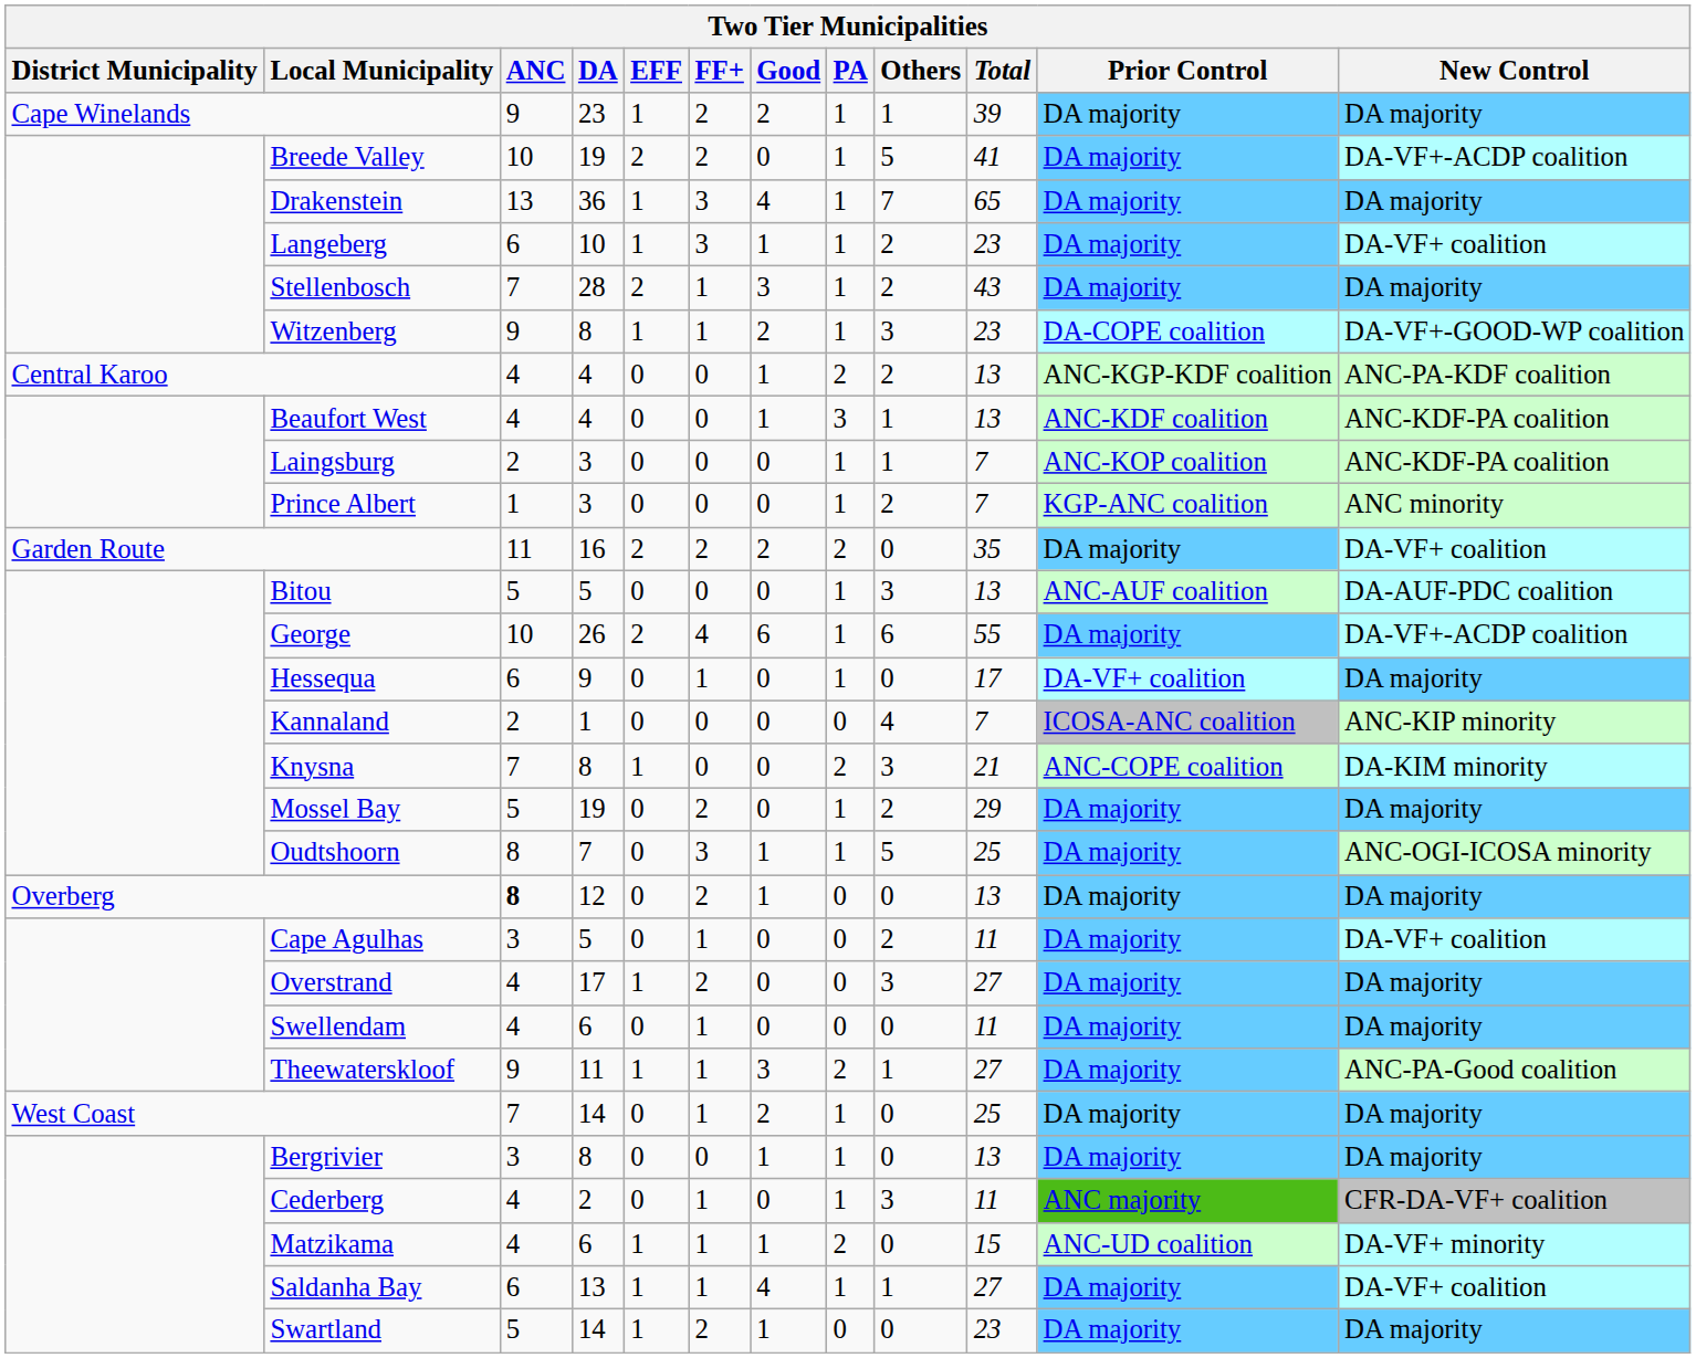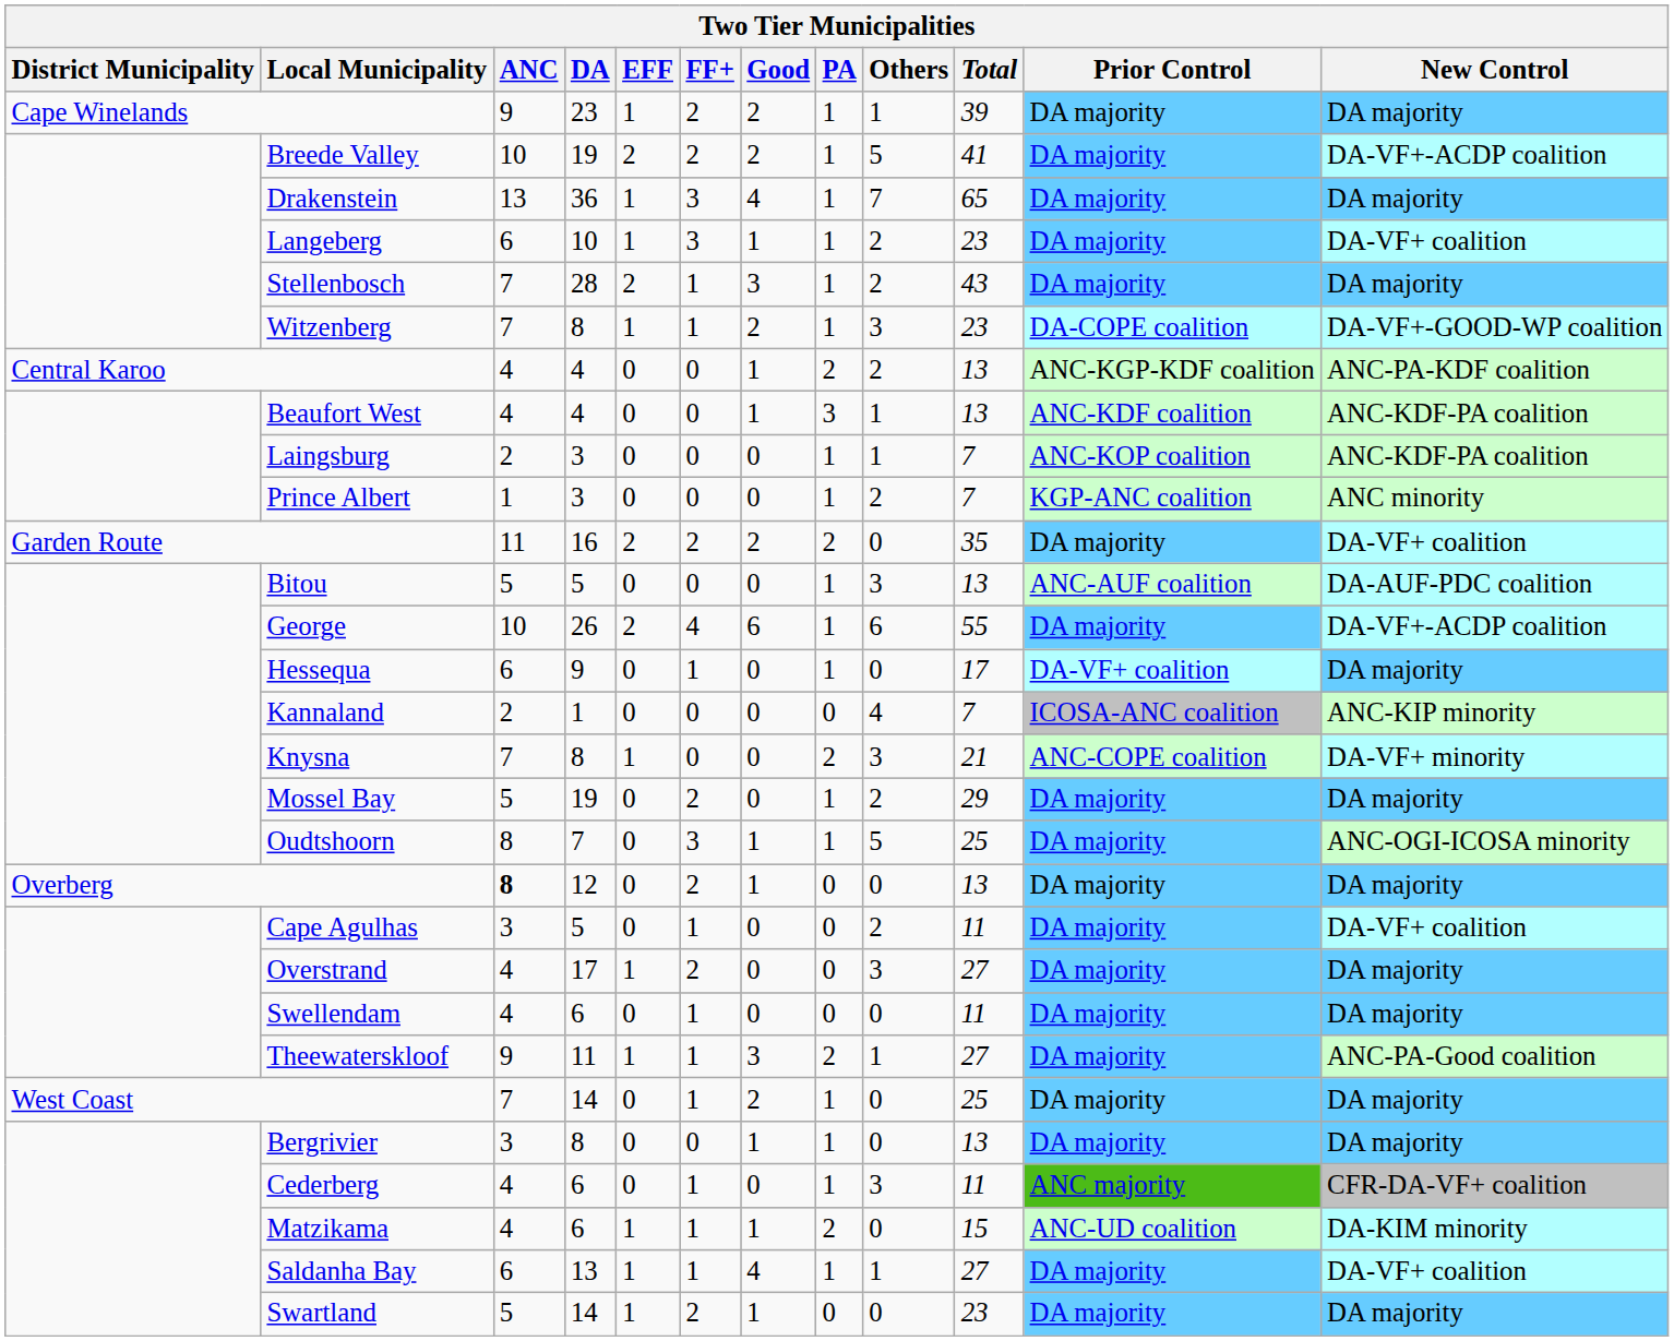 <table class="wikitable">
 <tr>
 <th colspan="12">Two Tier Municipalities</th>
 </tr>
 <tr>
 <th>District Municipality</th>
 <th>Local Municipality</th>
 <th><a href='#'>ANC</a></th>
 <th><a href='#'>DA</a></th>
 <th><a href='#'>EFF</a></th>
 <th><a href='#'>FF+</a></th>
 <th><a href='#'>Good</a></th>
 <th><a href='#'>PA</a></th>
 <th>Others</th>
 <th><em>Total</em></th>
 <th>Prior Control</th>
 <th>New Control</th>
 </tr>
 <tr>
 <td colspan="2"><a href='#'>Cape Winelands</a></td>
 <td>9</td>
 <td>23</td>
 <td>1</td>
 <td>2</td>
 <td>2</td>
 <td>1</td>
 <td>1</td>
 <td><em>39</em></td>
 <td style="background:#6cf;">DA majority</td>
 <td style="background:#6cf;">DA majority</td>
 </tr>
 <tr>
 <td rowspan="5"></td>
 <td><a href='#'>Breede Valley</a></td>
 <td>10</td>
 <td>19</td>
 <td>2</td>
 <td>2</td>
-<td>0</td>
+<td>2</td>
 <td>1</td>
 <td>5</td>
 <td><em>41</em></td>
 <td style="background:#6cf;"><a href='#'>DA majority</a></td>
 <td style="background:#B2FFFF;">DA-VF+-ACDP coalition</td>
 </tr>
 <tr>
 <td><a href='#'>Drakenstein</a></td>
 <td>13</td>
 <td>36</td>
 <td>1</td>
 <td>3</td>
 <td>4</td>
 <td>1</td>
 <td>7</td>
 <td><em>65</em></td>
 <td style="background:#6cf;"><a href='#'>DA majority</a></td>
 <td style="background:#6cf;">DA majority</td>
 </tr>
 <tr>
 <td><a href='#'>Langeberg</a></td>
 <td>6</td>
 <td>10</td>
 <td>1</td>
 <td>3</td>
 <td>1</td>
 <td>1</td>
 <td>2</td>
 <td><em>23</em></td>
 <td style="background:#6cf;"><a href='#'>DA majority</a></td>
 <td style="background:#B2FFFF;">DA-VF+ coalition</td>
 </tr>
 <tr>
 <td><a href='#'>Stellenbosch</a></td>
 <td>7</td>
 <td>28</td>
 <td>2</td>
 <td>1</td>
 <td>3</td>
 <td>1</td>
 <td>2</td>
 <td><em>43</em></td>
 <td style="background:#6cf;"><a href='#'>DA majority</a></td>
 <td style="background:#6cf;">DA majority</td>
 </tr>
 <tr>
 <td><a href='#'>Witzenberg</a></td>
-<td>9</td>
+<td>7</td>
 <td>8</td>
 <td>1</td>
 <td>1</td>
 <td>2</td>
 <td>1</td>
 <td>3</td>
 <td><em>23</em></td>
 <td style="background:#B2FFFF;"><a href='#'>DA-COPE coalition</a></td>
 <td style="background:#B2FFFF;">DA-VF+-GOOD-WP coalition</td>
 </tr>
 <tr>
 <td colspan="2"><a href='#'>Central Karoo</a></td>
 <td>4</td>
 <td>4</td>
 <td>0</td>
 <td>0</td>
 <td>1</td>
 <td>2</td>
 <td>2</td>
 <td><em>13</em></td>
 <td style="background:#cfc;">ANC-KGP-KDF coalition</td>
 <td style="background:#cfc;">ANC-PA-KDF coalition</td>
 </tr>
 <tr>
 <td rowspan="3"></td>
 <td><a href='#'>Beaufort West</a></td>
 <td>4</td>
 <td>4</td>
 <td>0</td>
 <td>0</td>
 <td>1</td>
 <td>3</td>
 <td>1</td>
 <td><em>13</em></td>
 <td style="background:#cfc;"><a href='#'>ANC-KDF coalition</a></td>
 <td style="background:#cfc;">ANC-KDF-PA coalition</td>
 </tr>
 <tr>
 <td><a href='#'>Laingsburg</a></td>
 <td>2</td>
 <td>3</td>
 <td>0</td>
 <td>0</td>
 <td>0</td>
 <td>1</td>
 <td>1</td>
 <td><em>7</em></td>
 <td style="background:#cfc;"><a href='#'>ANC-KOP coalition</a></td>
 <td style="background:#cfc;">ANC-KDF-PA coalition</td>
 </tr>
 <tr>
 <td><a href='#'>Prince Albert</a></td>
 <td>1</td>
 <td>3</td>
 <td>0</td>
 <td>0</td>
 <td>0</td>
 <td>1</td>
 <td>2</td>
 <td><em>7</em></td>
 <td style="background:#cfc;"><a href='#'>KGP-ANC coalition</a></td>
 <td style="background:#cfc;">ANC minority</td>
 </tr>
 <tr>
 <td colspan="2"><a href='#'>Garden Route</a></td>
 <td>11</td>
 <td>16</td>
 <td>2</td>
 <td>2</td>
 <td>2</td>
 <td>2</td>
 <td>0</td>
 <td><em>35</em></td>
 <td style="background:#6cf;">DA majority</td>
 <td style="background:#B2FFFF;">DA-VF+ coalition</td>
 </tr>
 <tr>
 <td rowspan="7"></td>
 <td><a href='#'>Bitou</a></td>
 <td>5</td>
 <td>5</td>
 <td>0</td>
 <td>0</td>
 <td>0</td>
 <td>1</td>
 <td>3</td>
 <td><em>13</em></td>
 <td style="background:#cfc;"><a href='#'>ANC-AUF coalition</a></td>
 <td style="background:#B2FFFF;">DA-AUF-PDC coalition</td>
 </tr>
 <tr>
 <td><a href='#'>George</a></td>
 <td>10</td>
 <td>26</td>
 <td>2</td>
 <td>4</td>
 <td>6</td>
 <td>1</td>
 <td>6</td>
 <td><em>55</em></td>
 <td style="background:#6cf;"><a href='#'>DA majority</a></td>
 <td style="background:#B2FFFF;">DA-VF+-ACDP coalition</td>
 </tr>
 <tr>
 <td><a href='#'>Hessequa</a></td>
 <td>6</td>
 <td>9</td>
 <td>0</td>
 <td>1</td>
 <td>0</td>
 <td>1</td>
 <td>0</td>
 <td><em>17</em></td>
 <td style="background:#B2FFFF;"><a href='#'>DA-VF+ coalition</a></td>
 <td style="background:#6cf;">DA majority</td>
 </tr>
 <tr>
 <td><a href='#'>Kannaland</a></td>
 <td>2</td>
 <td>1</td>
 <td>0</td>
 <td>0</td>
 <td>0</td>
 <td>0</td>
 <td>4</td>
 <td><em>7</em></td>
 <td style="background:silver;"><a href='#'>ICOSA-ANC coalition</a></td>
 <td style="background:#cfc;">ANC-KIP minority</td>
 </tr>
 <tr>
 <td><a href='#'>Knysna</a></td>
 <td>7</td>
 <td>8</td>
 <td>1</td>
 <td>0</td>
 <td>0</td>
 <td>2</td>
 <td>3</td>
 <td><em>21</em></td>
 <td style="background:#cfc;"><a href='#'>ANC-COPE coalition</a></td>
-<td style="background:#B2FFFF;">DA-KIM minority</td>
+<td style="background:#B2FFFF;">DA-VF+ minority</td>
 </tr>
 <tr>
 <td><a href='#'>Mossel Bay</a></td>
 <td>5</td>
 <td>19</td>
 <td>0</td>
 <td>2</td>
 <td>0</td>
 <td>1</td>
 <td>2</td>
 <td><em>29</em></td>
 <td style="background:#6cf;"><a href='#'>DA majority</a></td>
 <td style="background:#6cf;">DA majority</td>
 </tr>
 <tr>
 <td><a href='#'>Oudtshoorn</a></td>
 <td>8</td>
 <td>7</td>
 <td>0</td>
 <td>3</td>
 <td>1</td>
 <td>1</td>
 <td>5</td>
 <td><em>25</em></td>
 <td style="background:#6cf;"><a href='#'>DA majority</a></td>
 <td style="background:#cfc;">ANC-OGI-ICOSA minority</td>
 </tr>
 <tr>
 <td colspan="2"><a href='#'>Overberg</a></td>
 <td><strong>8</strong></td>
 <td>12</td>
 <td>0</td>
 <td>2</td>
 <td>1</td>
 <td>0</td>
 <td>0</td>
 <td><em>13</em></td>
 <td style="background:#6cf;">DA majority</td>
 <td style="background:#6cf;">DA majority</td>
 </tr>
 <tr>
 <td rowspan="4"></td>
 <td><a href='#'>Cape Agulhas</a></td>
 <td>3</td>
 <td>5</td>
 <td>0</td>
 <td>1</td>
 <td>0</td>
 <td>0</td>
 <td>2</td>
 <td><em>11</em></td>
 <td style="background:#6cf;"><a href='#'>DA majority</a></td>
 <td style="background:#B2FFFF;">DA-VF+ coalition</td>
 </tr>
 <tr>
 <td><a href='#'>Overstrand</a></td>
 <td>4</td>
 <td>17</td>
 <td>1</td>
 <td>2</td>
 <td>0</td>
 <td>0</td>
 <td>3</td>
 <td><em>27</em></td>
 <td style="background:#6cf;"><a href='#'>DA majority</a></td>
 <td style="background:#6cf;">DA majority</td>
 </tr>
 <tr>
 <td><a href='#'>Swellendam</a></td>
 <td>4</td>
 <td>6</td>
 <td>0</td>
 <td>1</td>
 <td>0</td>
 <td>0</td>
 <td>0</td>
 <td><em>11</em></td>
 <td style="background:#6cf;"><a href='#'>DA majority</a></td>
 <td style="background:#6cf;">DA majority</td>
 </tr>
 <tr>
 <td><a href='#'>Theewaterskloof</a></td>
 <td>9</td>
 <td>11</td>
 <td>1</td>
 <td>1</td>
 <td>3</td>
 <td>2</td>
 <td>1</td>
 <td><em>27</em></td>
 <td style="background:#6cf;"><a href='#'>DA majority</a></td>
 <td style="background:#cfc;">ANC-PA-Good coalition</td>
 </tr>
 <tr>
 <td colspan="2"><a href='#'>West Coast</a></td>
 <td>7</td>
 <td>14</td>
 <td>0</td>
 <td>1</td>
 <td>2</td>
 <td>1</td>
 <td>0</td>
 <td><em> 25</em></td>
 <td style="background:#6cf;">DA majority</td>
 <td style="background:#6cf;">DA majority</td>
 </tr>
 <tr>
 <td rowspan="5"></td>
 <td><a href='#'>Bergrivier</a></td>
 <td>3</td>
 <td>8</td>
 <td>0</td>
 <td>0</td>
 <td>1</td>
 <td>1</td>
 <td>0</td>
 <td><em>13</em></td>
 <td style="background:#6cf;"><a href='#'>DA majority</a></td>
 <td style="background:#6cf;">DA majority</td>
 </tr>
 <tr>
 <td><a href='#'>Cederberg</a></td>
 <td>4</td>
-<td>2</td>
+<td>6</td>
 <td>0</td>
 <td>1</td>
 <td>0</td>
 <td>1</td>
 <td>3</td>
 <td><em>11</em></td>
 <td style="background:#4CBB17"><a href='#'>ANC majority</a></td>
 <td style="background:silver;">CFR-DA-VF+ coalition</td>
 </tr>
 <tr>
 <td><a href='#'>Matzikama</a></td>
 <td>4</td>
 <td>6</td>
 <td>1</td>
 <td>1</td>
 <td>1</td>
 <td>2</td>
 <td>0</td>
 <td><em>15</em></td>
 <td style="background:#cfc;"><a href='#'>ANC-UD coalition</a></td>
-<td style="background:#B2FFFF;">DA-VF+ minority</td>
+<td style="background:#B2FFFF;">DA-KIM minority</td>
 </tr>
 <tr>
 <td><a href='#'>Saldanha Bay</a></td>
 <td>6</td>
 <td>13</td>
 <td>1</td>
 <td>1</td>
 <td>4</td>
 <td>1</td>
 <td>1</td>
 <td><em>27</em></td>
 <td style="background:#6cf;"><a href='#'>DA majority</a></td>
 <td style="background:#B2FFFF;">DA-VF+ coalition</td>
 </tr>
 <tr>
 <td><a href='#'>Swartland</a></td>
 <td>5</td>
 <td>14</td>
 <td>1</td>
 <td>2</td>
 <td>1</td>
 <td>0</td>
 <td>0</td>
 <td><em>23</em></td>
 <td style="background:#6cf;"><a href='#'>DA majority</a></td>
 <td style="background:#6cf;">DA majority</td>
 </tr>
 <tr>
 </tr>
 </table>
